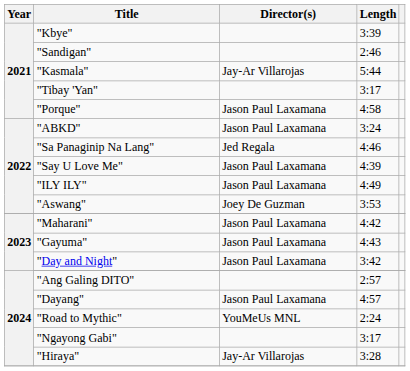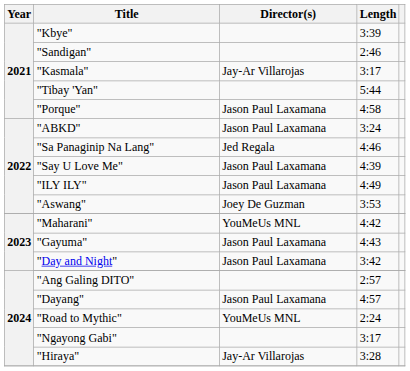 <table class="wikitable sortable plainrowheaders">
 <tr>
 <th>Year</th>
 <th style="width:15em;">Title</th>
 <th style="width:11em;">Director(s)</th>
 <th>Length</th>
 <th scope="col" class="unsortable"></th>
 </tr>
 <tr>
 <th scope="row" rowspan="5">2021</th>
 <td>"Kbye"</td>
 <td></td>
 <td>3:39</td>
 <td align="center"></td>
 </tr>
 <tr>
 <td>"Sandigan" </td>
 <td></td>
 <td>2:46</td>
 <td align="center"></td>
 </tr>
 <tr>
 <td>"Kasmala"</td>
 <td>Jay-Ar Villarojas</td>
-<td>5:44</td>
+<td>3:17</td>
 <td align="center"></td>
 </tr>
 <tr>
 <td>"Tibay 'Yan"</td>
 <td></td>
-<td>3:17</td>
+<td>5:44</td>
 <td align="center"></td>
 </tr>
 <tr>
 <td>"Porque"</td>
 <td>Jason Paul Laxamana</td>
 <td>4:58</td>
 <td align="center"></td>
 </tr>
 <tr>
 <th scope="row" rowspan="5">2022</th>
 <td>"ABKD"</td>
 <td>Jason Paul Laxamana</td>
 <td>3:24</td>
 <td align="center"></td>
 </tr>
 <tr>
 <td>"Sa Panaginip Na Lang"</td>
 <td>Jed Regala</td>
 <td>4:46</td>
 <td align="center"></td>
 </tr>
 <tr>
 <td>"Say U Love Me"</td>
 <td>Jason Paul Laxamana</td>
 <td>4:39</td>
 <td align="center"></td>
 </tr>
 <tr>
 <td>"ILY ILY"</td>
 <td>Jason Paul Laxamana</td>
 <td>4:49</td>
 <td align="center"></td>
 </tr>
 <tr>
 <td>"Aswang"</td>
 <td>Joey De Guzman</td>
 <td>3:53</td>
 <td align="center"></td>
 </tr>
 <tr>
 </tr>
 <tr>
 <th scope="row" rowspan="3">2023</th>
 <td>"Maharani"</td>
-<td>Jason Paul Laxamana</td>
+<td>YouMeUs MNL</td>
 <td>4:42</td>
 <td align="center"></td>
 </tr>
 <tr>
 <td>"Gayuma"</td>
 <td>Jason Paul Laxamana</td>
 <td>4:43</td>
 <td align="center"></td>
 </tr>
 <tr>
 <td>"<a href='#'>Day and Night</a>"</td>
 <td>Jason Paul Laxamana</td>
 <td>3:42</td>
 <td align="center"></td>
 </tr>
 <tr>
 <th scope="row" rowspan="6">2024</th>
 </tr>
 <tr>
 <td>"Ang Galing DITO"</td>
 <td></td>
 <td>2:57</td>
 <td align="center"></td>
 </tr>
 <tr>
 <td>"Dayang"</td>
 <td>Jason Paul Laxamana</td>
 <td>4:57</td>
 <td align="center"></td>
 </tr>
 <tr>
 <td>"Road to Mythic"</td>
 <td>YouMeUs MNL</td>
 <td>2:24</td>
 <td align="center"></td>
 </tr>
 <tr>
 <td>"Ngayong Gabi"</td>
 <td></td>
 <td>3:17</td>
 <td align="center"></td>
 </tr>
 <tr>
 <td>"Hiraya"</td>
 <td>Jay-Ar Villarojas</td>
 <td>3:28</td>
 <td align="center"></td>
 </tr>
 <tr>
 </tr>
 </table>
